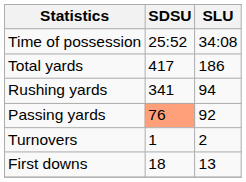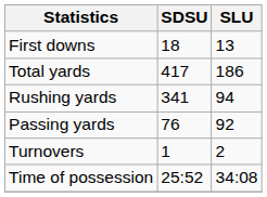 <table class="wikitable">
 <tr>
 <th>Statistics</th>
 <th>SDSU</th>
 <th>SLU</th>
 </tr>
 <tr>
-<td>Time of possession</td>
-<td>25:52</td>
-<td>34:08</td>
+<td>First downs</td>
+<td>18</td>
+<td>13</td>
 </tr>
 <tr>
 <td>Total yards</td>
 <td>417</td>
 <td>186</td>
 </tr>
 <tr>
 <td>Rushing yards</td>
 <td>341</td>
 <td>94</td>
 </tr>
 <tr>
 <td>Passing yards</td>
-<td style="background: lightsalmon;">76</td>
+<td>76</td>
 <td>92</td>
 </tr>
 <tr>
 <td>Turnovers</td>
 <td>1</td>
 <td>2</td>
 </tr>
 <tr>
-<td>First downs</td>
-<td>18</td>
-<td>13</td>
+<td>Time of possession</td>
+<td>25:52</td>
+<td>34:08</td>
 </tr>
 <tr>
 </tr>
 </table>
